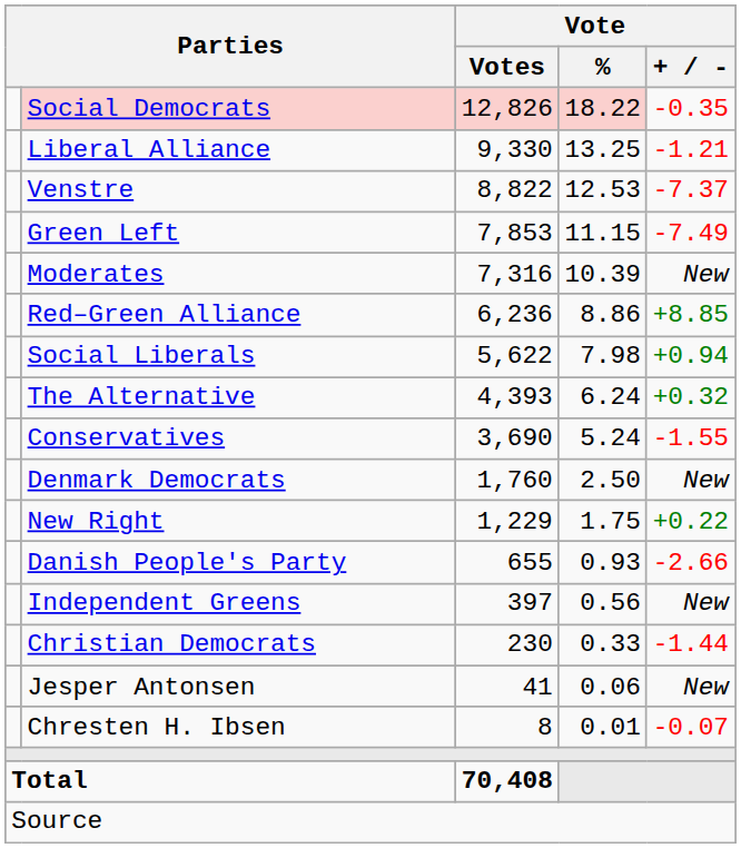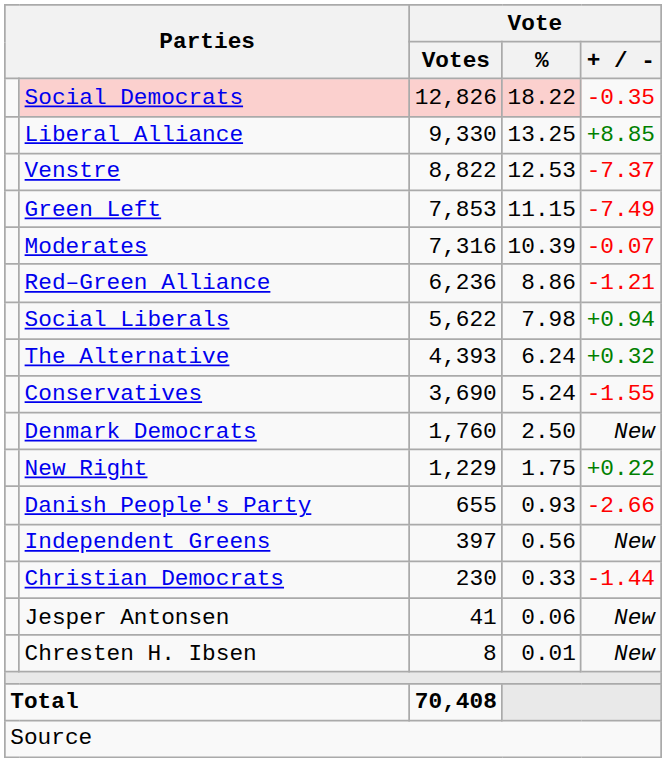 <table class="wikitable" style="text-align:right;">
 <tr>
 <th style="text-align:centre;" rowspan="2" colspan="2" width="225">Parties</th>
 <th colspan="3">Vote</th>
 </tr>
 <tr>
 <th width="15">Votes</th>
 <th width="15">%</th>
 <th width="15">+ / -</th>
 </tr>
 <tr>
 <td width="2" style="color:inherit;background:"></td>
 <td bgcolor=#fbd0ce  align="left"><a href='#'>Social Democrats</a></td>
 <td bgcolor=#fbd0ce>12,826</td>
 <td bgcolor=#fbd0ce>18.22</td>
 <td style=color:red;>-0.35</td>
 </tr>
 <tr>
 <td width="2" style="color:inherit;background:"></td>
 <td align="left"><a href='#'>Liberal Alliance</a></td>
 <td>9,330</td>
 <td>13.25</td>
-<td style=color:red;>-1.21</td>
+<td style=color:green;>+8.85</td>
 </tr>
 <tr>
 <td width="2" style="color:inherit;background:"></td>
 <td align="left"><a href='#'>Venstre</a></td>
 <td>8,822</td>
 <td>12.53</td>
 <td style=color:red;>-7.37</td>
 </tr>
 <tr>
 <td width="2" style="color:inherit;background:"></td>
 <td align="left"><a href='#'>Green Left</a></td>
 <td>7,853</td>
 <td>11.15</td>
 <td style=color:red;>-7.49</td>
 </tr>
 <tr>
 <td width="2" style="color:inherit;background:"></td>
 <td align="left"><a href='#'>Moderates</a></td>
 <td>7,316</td>
 <td>10.39</td>
-<td><em>New</em></td>
+<td style=color:red;>-0.07</td>
 </tr>
 <tr>
 <td width="2" style="color:inherit;background:"></td>
 <td align="left"><a href='#'>Red–Green Alliance</a></td>
 <td>6,236</td>
 <td>8.86</td>
-<td style=color:green;>+8.85</td>
+<td style=color:red;>-1.21</td>
 </tr>
 <tr>
 <td width="2" style="color:inherit;background:"></td>
 <td align="left"><a href='#'>Social Liberals</a></td>
 <td>5,622</td>
 <td>7.98</td>
 <td style=color:green;>+0.94</td>
 </tr>
 <tr>
 <td width="2" style="color:inherit;background:"></td>
 <td align="left"><a href='#'>The Alternative</a></td>
 <td>4,393</td>
 <td>6.24</td>
 <td style=color:green;>+0.32</td>
 </tr>
 <tr>
 <td width="2" style="color:inherit;background:"></td>
 <td align="left"><a href='#'>Conservatives</a></td>
 <td>3,690</td>
 <td>5.24</td>
 <td style=color:red;>-1.55</td>
 </tr>
 <tr>
 <td width="2" style="color:inherit;background:"></td>
 <td align="left"><a href='#'>Denmark Democrats</a></td>
 <td>1,760</td>
 <td>2.50</td>
 <td><em>New</em></td>
 </tr>
 <tr>
 <td width="2" style="color:inherit;background:"></td>
 <td align="left"><a href='#'>New Right</a></td>
 <td>1,229</td>
 <td>1.75</td>
 <td style=color:green;>+0.22</td>
 </tr>
 <tr>
 <td width="2" style="color:inherit;background:"></td>
 <td align="left"><a href='#'>Danish People's Party</a></td>
 <td>655</td>
 <td>0.93</td>
 <td style=color:red;>-2.66</td>
 </tr>
 <tr>
 <td width="2" style="color:inherit;background:"></td>
 <td align="left"><a href='#'>Independent Greens</a></td>
 <td>397</td>
 <td>0.56</td>
 <td><em>New</em></td>
 </tr>
 <tr>
 <td width="2" style="color:inherit;background:"></td>
 <td align="left"><a href='#'>Christian Democrats</a></td>
 <td>230</td>
 <td>0.33</td>
 <td style=color:red;>-1.44</td>
 </tr>
 <tr>
 <td width="2" style="color:inherit;background:"></td>
 <td align="left">Jesper Antonsen</td>
 <td>41</td>
 <td>0.06</td>
 <td><em>New</em></td>
 </tr>
 <tr>
 <td width="2" style="color:inherit;background:"></td>
 <td align="left">Chresten H. Ibsen</td>
 <td>8</td>
 <td>0.01</td>
-<td style=color:red;>-0.07</td>
+<td><em>New</em></td>
 </tr>
 <tr>
 <td colspan="7" bgcolor="#E9E9E9"></td>
 </tr>
 <tr>
 <td align="left" colspan="2"><strong>Total</strong></td>
 <td><strong>70,408</strong></td>
 <td bgcolor="#E9E9E9" colspan="2"></td>
 </tr>
 <tr>
 <td align="left" colspan="6">Source</td>
 </tr>
 </table>
